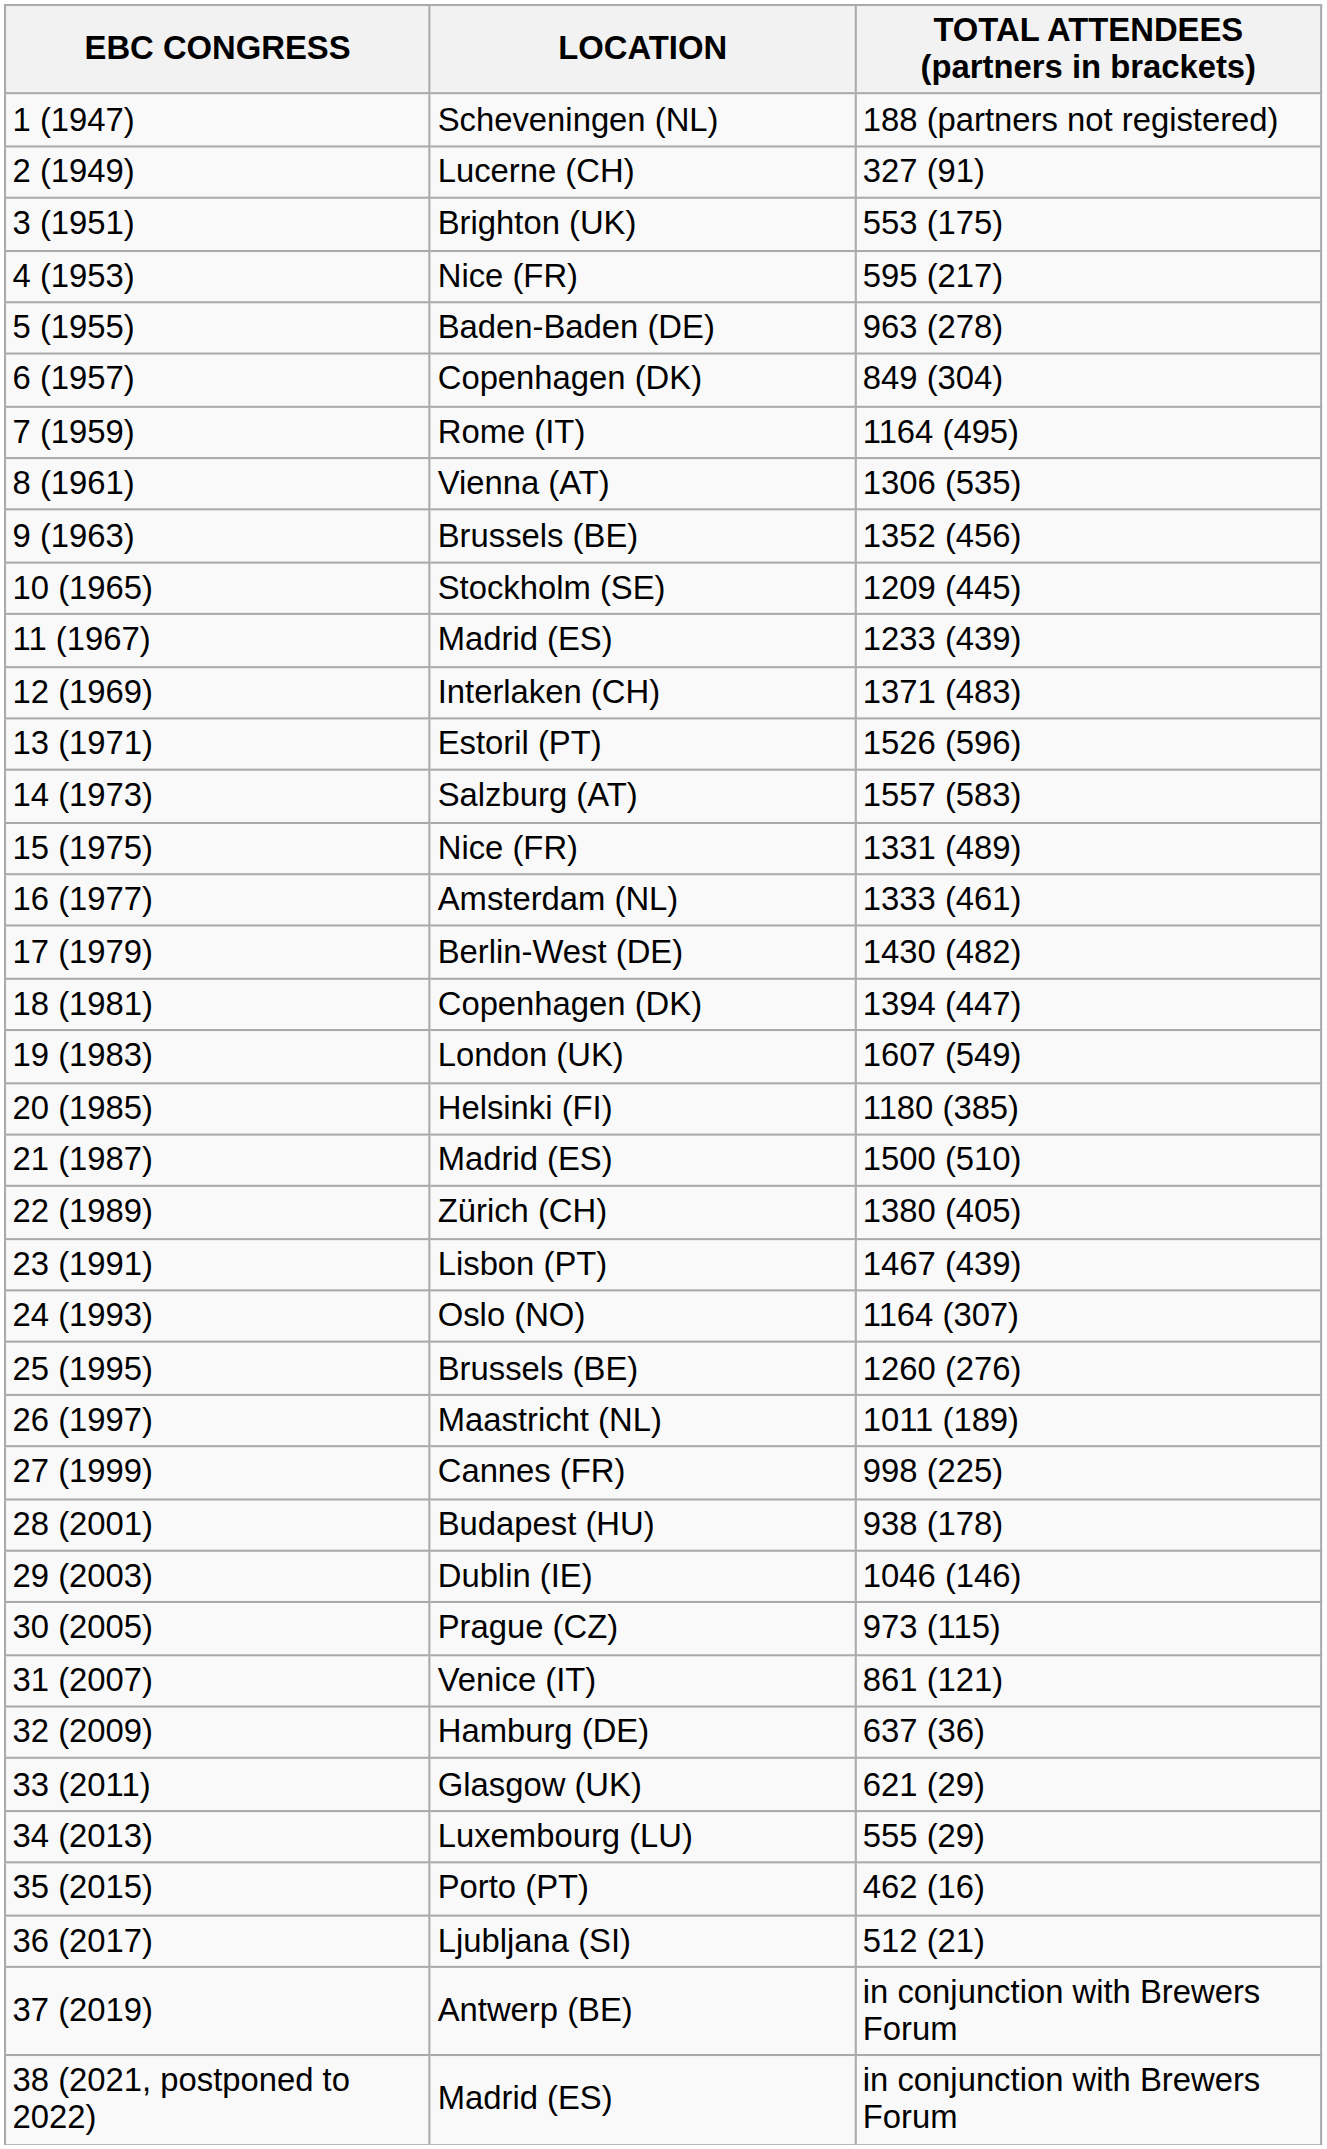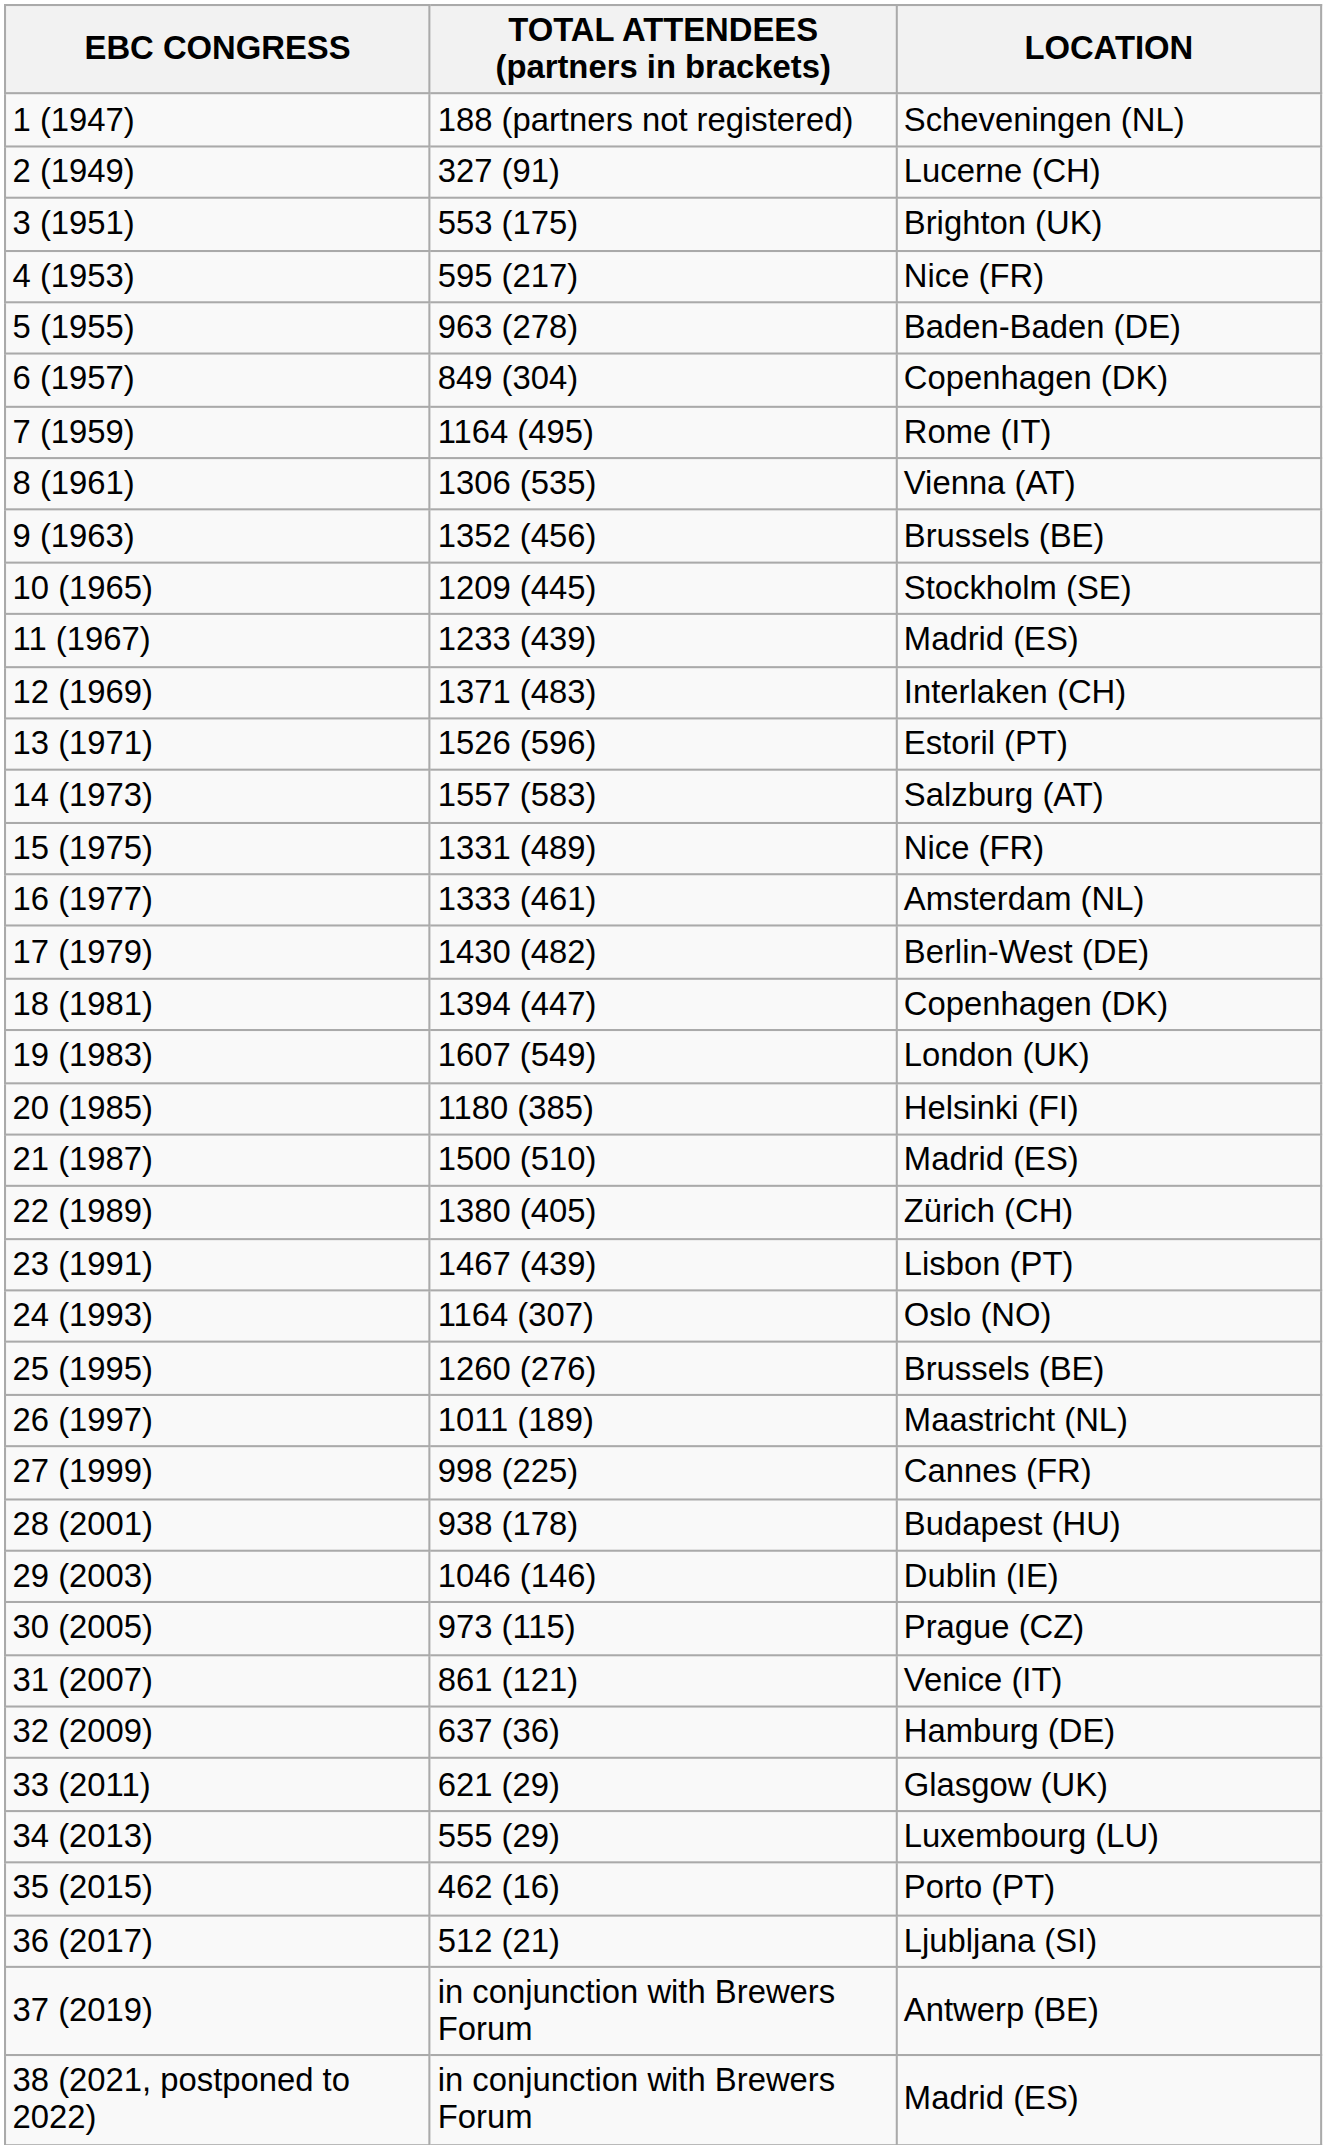 <table class="wikitable">
 <tr>
 <th scope="col" width="200">EBC CONGRESS</th>
+<th scope="col" width="220">TOTAL ATTENDEES (partners in brackets)</th>
 <th scope="col" width="200">LOCATION</th>
-<th scope="col" width="220">TOTAL ATTENDEES (partners in brackets)</th>
 </tr>
 <tr>
 <td>1 (1947)</td>
+<td>188 (partners not registered)</td>
 <td>Scheveningen (NL)</td>
-<td>188 (partners not registered)</td>
 </tr>
 <tr>
 <td>2 (1949)</td>
+<td>327 (91)</td>
 <td>Lucerne (CH)</td>
-<td>327 (91)</td>
 </tr>
 <tr>
 <td>3 (1951)</td>
+<td>553 (175)</td>
 <td>Brighton (UK)</td>
-<td>553 (175)</td>
 </tr>
 <tr>
 <td>4 (1953)</td>
+<td>595 (217)</td>
 <td>Nice (FR)</td>
-<td>595 (217)</td>
 </tr>
 <tr>
 <td>5 (1955)</td>
+<td>963 (278)</td>
 <td>Baden-Baden (DE)</td>
-<td>963 (278)</td>
 </tr>
 <tr>
 <td>6 (1957)</td>
+<td>849 (304)</td>
 <td>Copenhagen (DK)</td>
-<td>849 (304)</td>
 </tr>
 <tr>
 <td>7 (1959)</td>
+<td>1164 (495)</td>
 <td>Rome (IT)</td>
-<td>1164 (495)</td>
 </tr>
 <tr>
 <td>8 (1961)</td>
+<td>1306 (535)</td>
 <td>Vienna (AT)</td>
-<td>1306 (535)</td>
 </tr>
 <tr>
 <td>9 (1963)</td>
+<td>1352 (456)</td>
 <td>Brussels (BE)</td>
-<td>1352 (456)</td>
 </tr>
 <tr>
 <td>10 (1965)</td>
+<td>1209 (445)</td>
 <td>Stockholm (SE)</td>
-<td>1209 (445)</td>
 </tr>
 <tr>
 <td>11 (1967)</td>
+<td>1233 (439)</td>
 <td>Madrid (ES)</td>
-<td>1233 (439)</td>
 </tr>
 <tr>
 <td>12 (1969)</td>
+<td>1371 (483)</td>
 <td>Interlaken (CH)</td>
-<td>1371 (483)</td>
 </tr>
 <tr>
 <td>13 (1971)</td>
+<td>1526 (596)</td>
 <td>Estoril (PT)</td>
-<td>1526 (596)</td>
 </tr>
 <tr>
 <td>14 (1973)</td>
+<td>1557 (583)</td>
 <td>Salzburg (AT)</td>
-<td>1557 (583)</td>
 </tr>
 <tr>
 <td>15 (1975)</td>
+<td>1331 (489)</td>
 <td>Nice (FR)</td>
-<td>1331 (489)</td>
 </tr>
 <tr>
 <td>16 (1977)</td>
+<td>1333 (461)</td>
 <td>Amsterdam (NL)</td>
-<td>1333 (461)</td>
 </tr>
 <tr>
 <td>17 (1979)</td>
+<td>1430 (482)</td>
 <td>Berlin-West (DE)</td>
-<td>1430 (482)</td>
 </tr>
 <tr>
 <td>18 (1981)</td>
+<td>1394 (447)</td>
 <td>Copenhagen (DK)</td>
-<td>1394 (447)</td>
 </tr>
 <tr>
 <td>19 (1983)</td>
+<td>1607 (549)</td>
 <td>London (UK)</td>
-<td>1607 (549)</td>
 </tr>
 <tr>
 <td>20 (1985)</td>
+<td>1180 (385)</td>
 <td>Helsinki (FI)</td>
-<td>1180 (385)</td>
 </tr>
 <tr>
 <td>21 (1987)</td>
+<td>1500 (510)</td>
 <td>Madrid (ES)</td>
-<td>1500 (510)</td>
 </tr>
 <tr>
 <td>22 (1989)</td>
+<td>1380 (405)</td>
 <td>Zürich (CH)</td>
-<td>1380 (405)</td>
 </tr>
 <tr>
 <td>23 (1991)</td>
+<td>1467 (439)</td>
 <td>Lisbon (PT)</td>
-<td>1467 (439)</td>
 </tr>
 <tr>
 <td>24 (1993)</td>
+<td>1164 (307)</td>
 <td>Oslo (NO)</td>
-<td>1164 (307)</td>
 </tr>
 <tr>
 <td>25 (1995)</td>
+<td>1260 (276)</td>
 <td>Brussels (BE)</td>
-<td>1260 (276)</td>
 </tr>
 <tr>
 <td>26 (1997)</td>
+<td>1011 (189)</td>
 <td>Maastricht (NL)</td>
-<td>1011 (189)</td>
 </tr>
 <tr>
 <td>27 (1999)</td>
+<td>998 (225)</td>
 <td>Cannes (FR)</td>
-<td>998 (225)</td>
 </tr>
 <tr>
 <td>28 (2001)</td>
+<td>938 (178)</td>
 <td>Budapest (HU)</td>
-<td>938 (178)</td>
 </tr>
 <tr>
 <td>29 (2003)</td>
+<td>1046 (146)</td>
 <td>Dublin (IE)</td>
-<td>1046 (146)</td>
 </tr>
 <tr>
 <td>30 (2005)</td>
+<td>973 (115)</td>
 <td>Prague (CZ)</td>
-<td>973 (115)</td>
 </tr>
 <tr>
 <td>31 (2007)</td>
+<td>861 (121)</td>
 <td>Venice (IT)</td>
-<td>861 (121)</td>
 </tr>
 <tr>
 <td>32 (2009)</td>
+<td>637 (36)</td>
 <td>Hamburg (DE)</td>
-<td>637 (36)</td>
 </tr>
 <tr>
 <td>33 (2011)</td>
+<td>621 (29)</td>
 <td>Glasgow (UK)</td>
-<td>621 (29)</td>
 </tr>
 <tr>
 <td>34 (2013)</td>
+<td>555 (29)</td>
 <td>Luxembourg (LU)</td>
-<td>555 (29)</td>
 </tr>
 <tr>
 <td>35 (2015)</td>
+<td>462 (16)</td>
 <td>Porto (PT)</td>
-<td>462 (16)</td>
 </tr>
 <tr>
 <td>36 (2017)</td>
+<td>512 (21)</td>
 <td>Ljubljana (SI)</td>
-<td>512 (21)</td>
 </tr>
 <tr>
 <td>37 (2019)</td>
+<td>in conjunction with Brewers Forum</td>
 <td>Antwerp (BE)</td>
-<td>in conjunction with Brewers Forum</td>
 </tr>
 <tr>
 <td>38 (2021, postponed to 2022)</td>
+<td>in conjunction with Brewers Forum</td>
 <td>Madrid (ES)</td>
-<td>in conjunction with Brewers Forum</td>
 </tr>
 </table>
